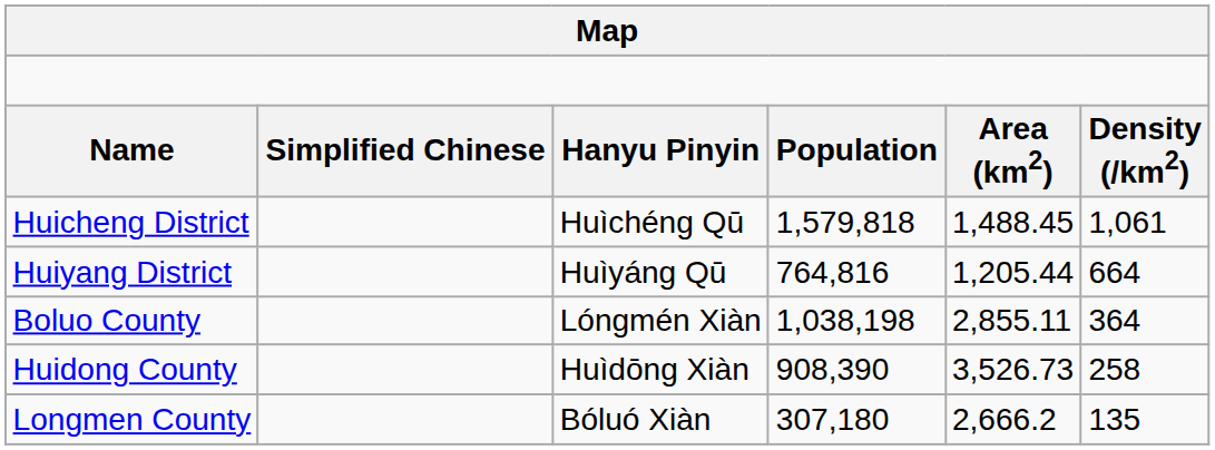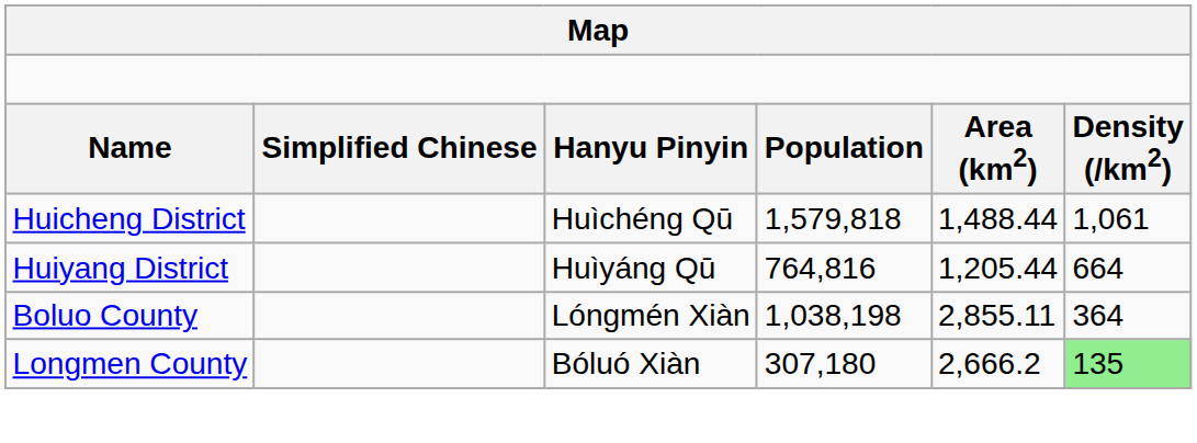 <table class="wikitable" style="font-size:90%;">
 <tr>
 <th colspan="6">Map</th>
 </tr>
 <tr>
 <td colspan="6"><div><br>        </div></td>
 </tr>
 <tr>
 <th>Name</th>
 <th>Simplified Chinese</th>
 <th>Hanyu Pinyin</th>
 <th>Population<br></th>
 <th>Area<br>(km<sup>2</sup>)</th>
 <th>Density<br>(/km<sup>2</sup>)</th>
 </tr>
 <tr>
 <td><a href='#'>Huicheng District</a></td>
 <td></td>
 <td>Huìchéng Qū</td>
 <td>1,579,818</td>
-<td>1,488.45</td>
+<td>1,488.44</td>
 <td>1,061</td>
 </tr>
 <tr>
 <td><a href='#'>Huiyang District</a></td>
 <td></td>
 <td>Huìyáng Qū</td>
 <td>764,816</td>
 <td>1,205.44</td>
 <td>664</td>
 </tr>
 <tr>
 <td><a href='#'>Boluo County</a></td>
 <td></td>
 <td>Lóngmén Xiàn</td>
 <td>1,038,198</td>
 <td>2,855.11</td>
 <td>364</td>
 </tr>
 <tr>
-<td><a href='#'>Huidong County</a></td>
-<td></td>
-<td>Huìdōng Xiàn</td>
-<td>908,390</td>
-<td>3,526.73</td>
-<td>258</td>
-</tr>
-<tr>
 <td><a href='#'>Longmen County</a></td>
 <td></td>
 <td>Bóluó Xiàn</td>
 <td>307,180</td>
 <td>2,666.2</td>
-<td>135</td>
+<td style="background: lightgreen;">135</td>
 </tr>
 </table>
